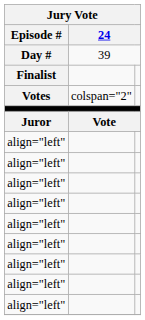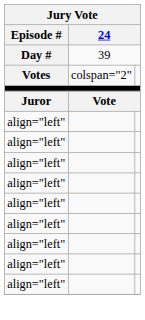 <table class="wikitable nowrap" style="text-align:center; font-size:95%">
 <tr>
 <th colspan="3">Jury Vote</th>
 </tr>
 <tr>
 <th>Episode #</th>
 <th colspan="2"><a href='#'>24</a></th>
 </tr>
 <tr>
 <th>Day #</th>
 <td colspan="2">39</td>
-</tr>
-<tr>
-<th>Finalist</th>
-<td></td>
-<td></td>
 </tr>
 <tr>
 <th>Votes</th>
 <td>colspan="2" </td>
 </tr>
 <tr>
 <th colspan="3" style="background:black;"></th>
 </tr>
 <tr>
 <th>Juror</th>
 <th colspan="2">Vote</th>
 </tr>
 <tr>
 <td>align="left" </td>
 <td></td>
 <td></td>
 </tr>
 <tr>
 <td>align="left" </td>
 <td></td>
 <td></td>
 </tr>
 <tr>
 <td>align="left" </td>
 <td></td>
 <td></td>
 </tr>
 <tr>
 <td>align="left" </td>
 <td></td>
 <td></td>
 </tr>
 <tr>
 <td>align="left" </td>
 <td></td>
 <td></td>
 </tr>
 <tr>
 <td>align="left" </td>
 <td></td>
 <td></td>
 </tr>
 <tr>
 <td>align="left" </td>
 <td></td>
 <td></td>
 </tr>
 <tr>
 <td>align="left" </td>
 <td></td>
 <td></td>
 </tr>
 <tr>
 <td>align="left" </td>
 <td></td>
 <td></td>
 </tr>
 <tr>
 </tr>
 </table>
